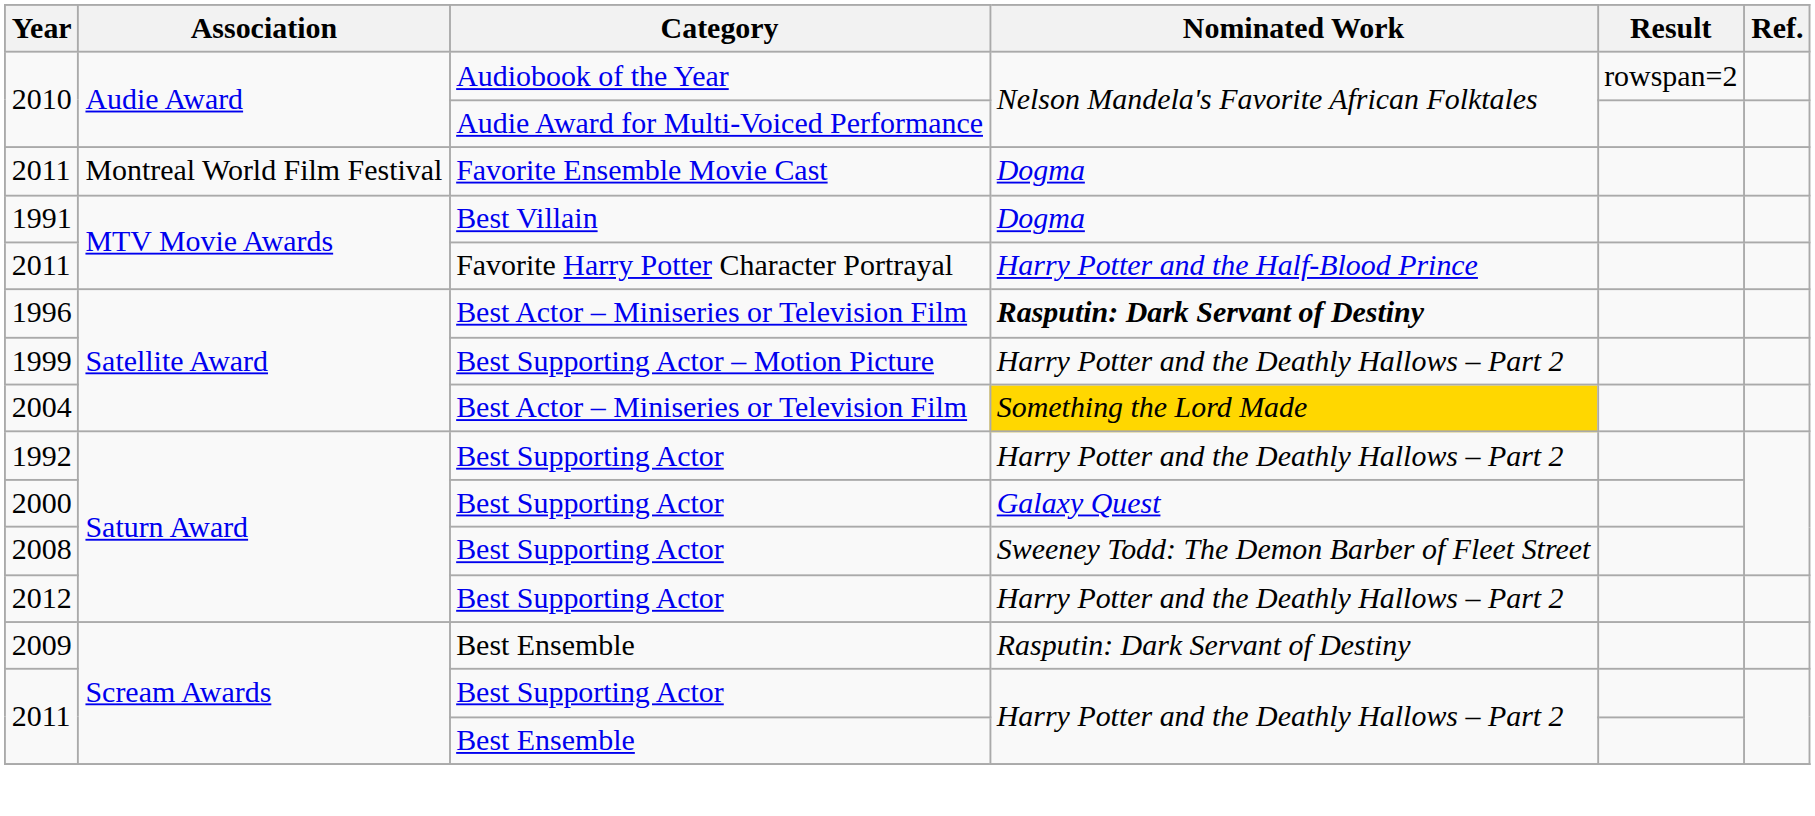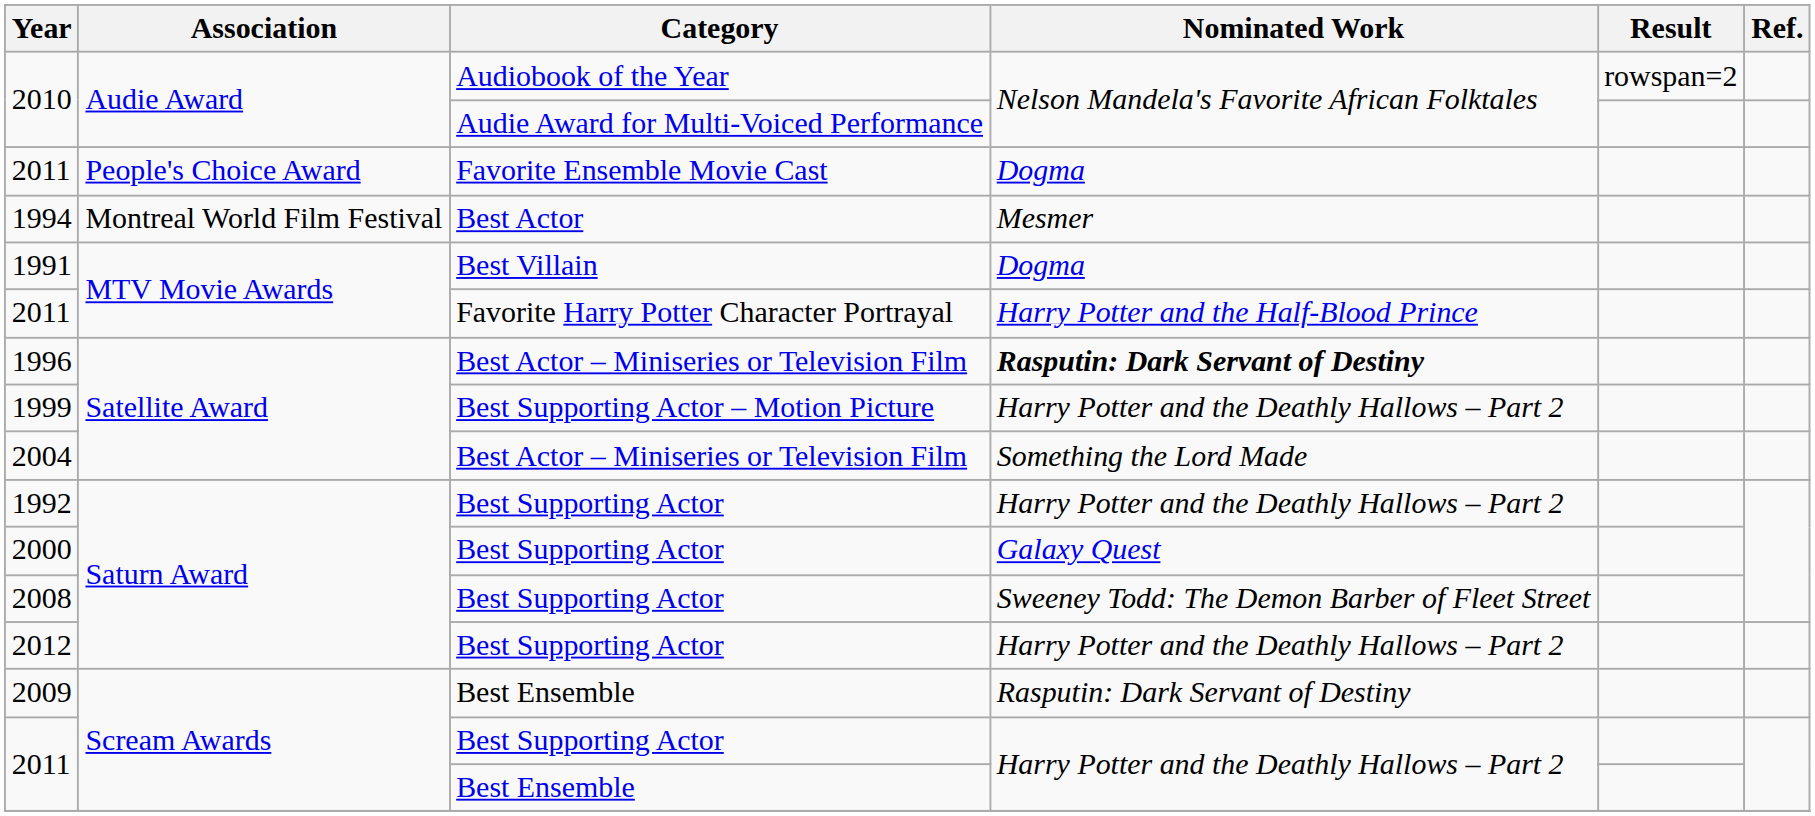 <table class="wikitable">
 <tr>
 <th>Year</th>
 <th>Association</th>
 <th>Category</th>
 <th>Nominated Work</th>
 <th>Result</th>
 <th>Ref.</th>
 </tr>
 <tr>
 <td rowspan=2>2010</td>
 <td rowspan=2><a href='#'>Audie Award</a></td>
 <td><a href='#'>Audiobook of the Year</a></td>
 <td rowspan=2><em>Nelson Mandela's Favorite African Folktales</em></td>
 <td>rowspan=2 </td>
 <td rowspan=1></td>
 </tr>
 <tr>
 <td><a href='#'>Audie Award for Multi-Voiced Performance</a></td>
 <td></td>
 </tr>
 <tr>
 <td>2011</td>
-<td>Montreal World Film Festival</td>
+<td><a href='#'>People's Choice Award</a></td>
 <td><a href='#'>Favorite Ensemble Movie Cast</a></td>
 <td><em><a href='#'>Dogma</a></em></td>
+<td></td>
+<td></td>
+</tr>
+<tr>
+<td>1994</td>
+<td>Montreal World Film Festival</td>
+<td><a href='#'>Best Actor</a></td>
+<td><em>Mesmer</em></td>
 <td></td>
 <td></td>
 </tr>
 <tr>
 <td>1991</td>
 <td rowspan=2><a href='#'>MTV Movie Awards</a></td>
 <td><a href='#'>Best Villain</a></td>
 <td><em><a href='#'>Dogma</a></em></td>
 <td></td>
 </tr>
 <tr>
 <td>2011</td>
 <td>Favorite <a href='#'>Harry Potter</a> Character Portrayal</td>
 <td><em><a href='#'>Harry Potter and the Half-Blood Prince</a></em></td>
 <td></td>
 <td></td>
 </tr>
 <tr>
 <td>1996</td>
 <td rowspan=3><a href='#'>Satellite Award</a></td>
 <td><a href='#'>Best Actor – Miniseries or Television Film</a></td>
 <td><strong><em>Rasputin: Dark Servant of Destiny</em></strong></td>
 <td></td>
 <td></td>
 </tr>
 <tr>
 <td>1999</td>
 <td><a href='#'>Best Supporting Actor – Motion Picture</a></td>
 <td><em>Harry Potter and the Deathly Hallows – Part 2</em></td>
 <td></td>
 <td></td>
 </tr>
 <tr>
 <td>2004</td>
 <td><a href='#'>Best Actor – Miniseries or Television Film</a></td>
-<td style="background: gold;"><em>Something the Lord Made</em></td>
+<td><em>Something the Lord Made</em></td>
 <td></td>
 <td></td>
 </tr>
 <tr>
 <td>1992</td>
 <td rowspan=4><a href='#'>Saturn Award</a></td>
 <td><a href='#'>Best Supporting Actor</a></td>
 <td><em>Harry Potter and the Deathly Hallows – Part 2</em></td>
 <td></td>
 <td rowspan=3></td>
 </tr>
 <tr>
 <td>2000</td>
 <td><a href='#'>Best Supporting Actor</a></td>
 <td><em><a href='#'>Galaxy Quest</a></em></td>
 <td></td>
 </tr>
 <tr>
 <td>2008</td>
 <td><a href='#'>Best Supporting Actor</a></td>
 <td><em>Sweeney Todd: The Demon Barber of Fleet Street</em></td>
 <td></td>
 </tr>
 <tr>
 <td>2012</td>
 <td><a href='#'>Best Supporting Actor</a></td>
 <td><em>Harry Potter and the Deathly Hallows – Part 2</em></td>
 <td></td>
 <td></td>
 </tr>
 <tr>
 <td>2009</td>
 <td rowspan=3><a href='#'>Scream Awards</a></td>
 <td>Best Ensemble</td>
 <td><em>Rasputin: Dark Servant of Destiny</em></td>
 <td></td>
 <td></td>
 </tr>
 <tr>
 <td rowspan=2>2011</td>
 <td><a href='#'>Best Supporting Actor</a></td>
 <td rowspan=2><em>Harry Potter and the Deathly Hallows – Part 2</em></td>
 <td></td>
 <td rowspan=2></td>
 </tr>
 <tr>
 <td><a href='#'>Best Ensemble</a></td>
 <td></td>
 </tr>
 <tr>
 </tr>
 </table>
